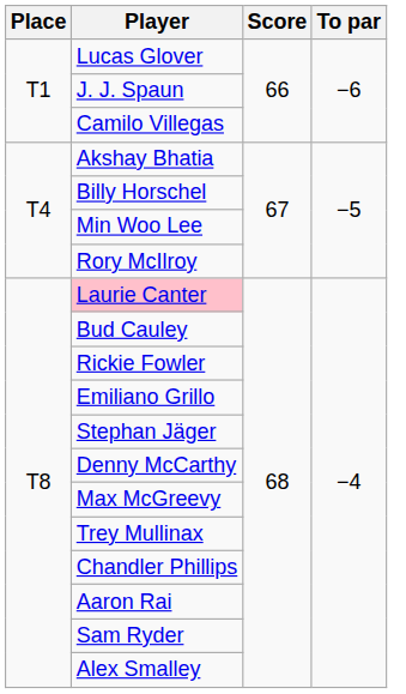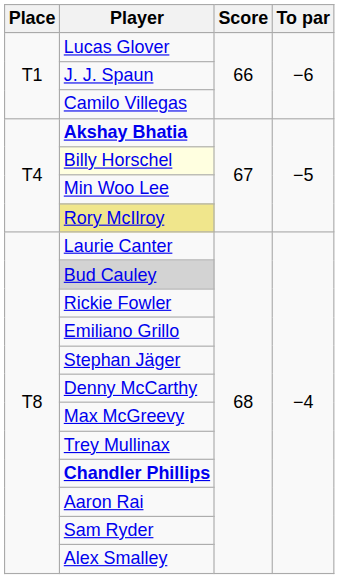 <table class="wikitable">
 <tr>
 <th>Place</th>
 <th>Player</th>
 <th>Score</th>
 <th>To par</th>
 </tr>
 <tr>
 <td rowspan=3 align=center>T1</td>
 <td> <a href='#'>Lucas Glover</a></td>
 <td rowspan=3 align=center>66</td>
 <td rowspan=3 align=center>−6</td>
 </tr>
 <tr>
 <td> <a href='#'>J. J. Spaun</a></td>
 </tr>
 <tr>
 <td> <a href='#'>Camilo Villegas</a></td>
 </tr>
 <tr>
 <td rowspan=4 align=center>T4</td>
-<td> <a href='#'>Akshay Bhatia</a></td>
+<td><strong> <a href='#'>Akshay Bhatia</a></strong></td>
 <td rowspan=4 align=center>67</td>
 <td rowspan=4 align=center>−5</td>
 </tr>
 <tr>
-<td> <a href='#'>Billy Horschel</a></td>
+<td style="background: lightyellow;"> <a href='#'>Billy Horschel</a></td>
 </tr>
 <tr>
 <td> <a href='#'>Min Woo Lee</a></td>
 </tr>
 <tr>
-<td> <a href='#'>Rory McIlroy</a></td>
+<td style="background: khaki;"> <a href='#'>Rory McIlroy</a></td>
 </tr>
 <tr>
 <td rowspan=12 align=center>T8</td>
-<td style="background: pink;"> <a href='#'>Laurie Canter</a></td>
+<td> <a href='#'>Laurie Canter</a></td>
 <td rowspan=12 align=center>68</td>
 <td rowspan=12 align=center>−4</td>
 </tr>
 <tr>
-<td> <a href='#'>Bud Cauley</a></td>
+<td style="background: lightgrey;"> <a href='#'>Bud Cauley</a></td>
 </tr>
 <tr>
 <td> <a href='#'>Rickie Fowler</a></td>
 </tr>
 <tr>
 <td> <a href='#'>Emiliano Grillo</a></td>
 </tr>
 <tr>
 <td> <a href='#'>Stephan Jäger</a></td>
 </tr>
 <tr>
 <td> <a href='#'>Denny McCarthy</a></td>
 </tr>
 <tr>
 <td> <a href='#'>Max McGreevy</a></td>
 </tr>
 <tr>
 <td> <a href='#'>Trey Mullinax</a></td>
 </tr>
 <tr>
-<td> <a href='#'>Chandler Phillips</a></td>
+<td><strong> <a href='#'>Chandler Phillips</a></strong></td>
 </tr>
 <tr>
 <td> <a href='#'>Aaron Rai</a></td>
 </tr>
 <tr>
 <td> <a href='#'>Sam Ryder</a></td>
 </tr>
 <tr>
 <td> <a href='#'>Alex Smalley</a></td>
 </tr>
 </table>
